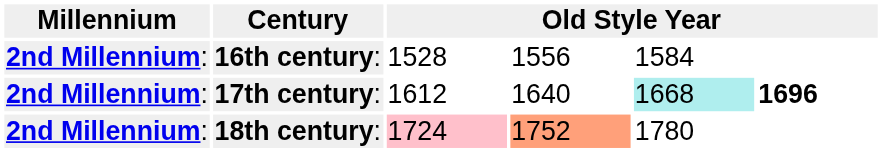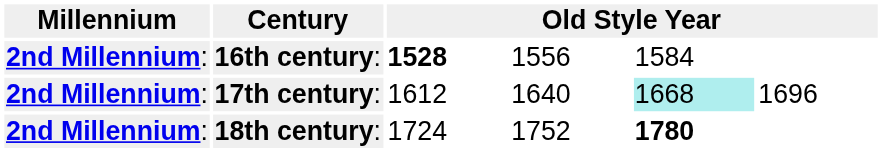 <table>
 <tr style="background-color:#efefef;">
 <th>Millennium</th>
 <th>Century</th>
 <th align="center" colspan="11">Old Style Year</th>
 </tr>
 <tr>
 <td style="background-color:#efefef;"><strong><a href='#'>2nd Millennium</a></strong>:</td>
 <td style="background-color:#efefef;"><strong>16th century</strong>:</td>
-<td width=70px>1528</td>
+<td width=70px><strong>1528</strong></td>
 <td width=70px>1556</td>
 <td width=70px>1584</td>
 <td width=70px> </td>
 </tr>
 <tr>
 <td style="background-color:#efefef;"><strong><a href='#'>2nd Millennium</a></strong>:</td>
 <td style="background-color:#efefef;"><strong>17th century</strong>:</td>
 <td width=70px>1612</td>
 <td width=70px>1640</td>
 <td width=70px style="background: paleturquoise;">1668</td>
-<td width=70px><strong>1696</strong></td>
+<td width=70px>1696</td>
 </tr>
 <tr>
 <td style="background-color:#efefef;"><strong><a href='#'>2nd Millennium</a></strong>:</td>
 <td style="background-color:#efefef;"><strong>18th century</strong>:</td>
-<td width=70px style="background: pink;">1724</td>
-<td width=70px style="background: lightsalmon;">1752</td>
-<td width=70px>1780</td>
+<td width=70px>1724</td>
+<td width=70px>1752</td>
+<td width=70px><strong>1780</strong></td>
 <td width=70px> </td>
 </tr>
 </table>
